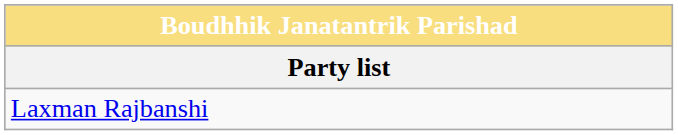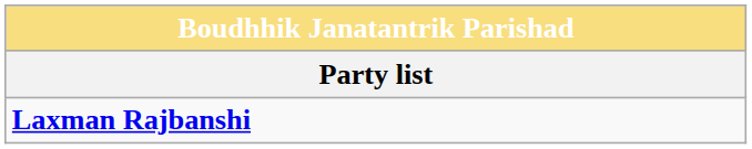 <table class="wikitable mw-collapsible mw-collapsed" role="presentation">
 <tr>
 <th style="width: 300pt; background:#f8de7e; color: white;">Boudhhik Janatantrik Parishad</th>
 </tr>
 <tr>
 <th>Party list</th>
 </tr>
 <tr>
-<td><a href='#'>Laxman Rajbanshi</a></td>
+<td><strong><a href='#'>Laxman Rajbanshi</a></strong></td>
 </tr>
 </table>
